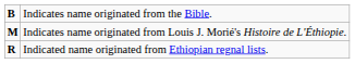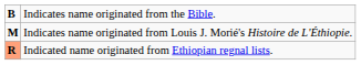 <table class="wikitable">
 <tr>
 <td><strong>B</strong></td>
 <td>Indicates name originated from the <a href='#'>Bible</a>.</td>
 </tr>
 <tr>
 <td><strong>M</strong></td>
 <td>Indicates name originated from Louis J. Morié's <em>Histoire de L'Éthiopie</em>.</td>
 </tr>
 <tr>
-<td><strong>R</strong></td>
+<td style="background: lightsalmon;"><strong>R</strong></td>
 <td>Indicated name originated from <a href='#'>Ethiopian regnal lists</a>.</td>
 </tr>
 </table>
